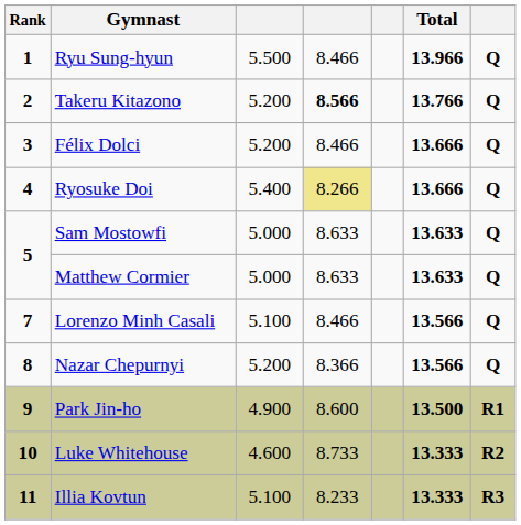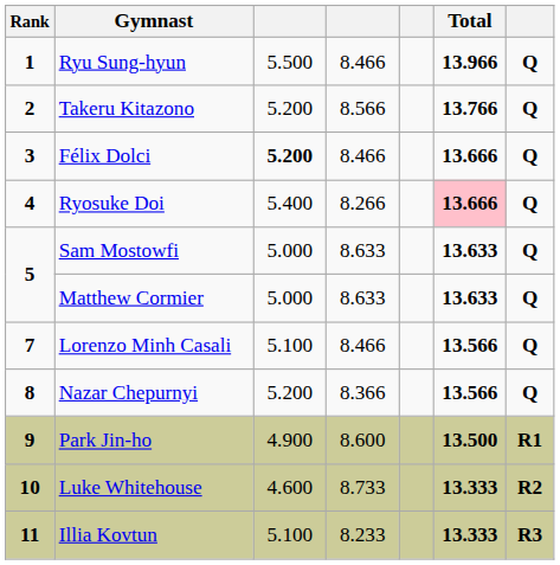 <table style="text-align:center;" class="wikitable sortable">
 <tr>
 <th scope="col" style="width:15px;"><small>Rank</small></th>
 <th scope="col" style="width:150px;">Gymnast</th>
 <th scope="col" style="width:50px;"><small></small></th>
 <th scope="col" style="width:50px;"><small></small></th>
 <th scope="col" style="width:20px;"><small></small></th>
 <th scope="col" style="width:50px;">Total</th>
 <th scope="col" style="width:30px;"><small></small></th>
 </tr>
 <tr>
 <td scope="row" style="text-align:center"><strong>1</strong></td>
 <td style="height:30px; text-align:left;"> <a href='#'>Ryu Sung-hyun</a></td>
 <td>5.500</td>
 <td>8.466</td>
 <td></td>
 <td><strong>13.966</strong></td>
 <td><strong>Q</strong></td>
 </tr>
 <tr>
 <td scope="row" style="text-align:center"><strong>2</strong></td>
 <td style="height:30px; text-align:left;"> <a href='#'>Takeru Kitazono</a></td>
 <td>5.200</td>
-<td><strong>8.566</strong></td>
+<td>8.566</td>
 <td></td>
 <td><strong>13.766</strong></td>
 <td><strong>Q</strong></td>
 </tr>
 <tr>
 <td scope="row" style="text-align:center"><strong>3</strong></td>
 <td style="height:30px; text-align:left;"> <a href='#'>Félix Dolci</a></td>
-<td>5.200</td>
+<td><strong>5.200</strong></td>
 <td>8.466</td>
 <td></td>
 <td><strong>13.666</strong></td>
 <td><strong>Q</strong></td>
 </tr>
 <tr>
 <td scope="row" style="text-align:center"><strong>4</strong></td>
 <td style="height:30px; text-align:left;"> <a href='#'>Ryosuke Doi</a></td>
 <td>5.400</td>
-<td style="background: khaki;">8.266</td>
+<td>8.266</td>
 <td></td>
-<td><strong>13.666</strong></td>
+<td style="background: pink;"><strong>13.666</strong></td>
 <td><strong>Q</strong></td>
 </tr>
 <tr>
 <td rowspan=2 scope="row" style="text-align:center"><strong>5</strong></td>
 <td style="height:30px; text-align:left;"> <a href='#'>Sam Mostowfi</a></td>
 <td>5.000</td>
 <td>8.633</td>
 <td></td>
 <td><strong>13.633</strong></td>
 <td><strong>Q</strong></td>
 </tr>
 <tr>
 <td style="height:30px; text-align:left;"> <a href='#'>Matthew Cormier</a></td>
 <td>5.000</td>
 <td>8.633</td>
 <td></td>
 <td><strong>13.633</strong></td>
 <td><strong>Q</strong></td>
 </tr>
 <tr>
 <td scope="row" style="text-align:center"><strong>7</strong></td>
 <td style="height:30px; text-align:left;"> <a href='#'>Lorenzo Minh Casali</a></td>
 <td>5.100</td>
 <td>8.466</td>
 <td></td>
 <td><strong>13.566</strong></td>
 <td><strong>Q</strong></td>
 </tr>
 <tr>
 <td scope="row" style="text-align:center"><strong>8</strong></td>
 <td style="height:30px; text-align:left;"> <a href='#'>Nazar Chepurnyi</a></td>
 <td>5.200</td>
 <td>8.366</td>
 <td></td>
 <td><strong>13.566</strong></td>
 <td><strong>Q</strong></td>
 </tr>
 <tr style="background:#cccc99;">
 <td scope="row" style="text-align:center"><strong>9</strong></td>
 <td style="height:30px; text-align:left;"> <a href='#'>Park Jin-ho</a></td>
 <td>4.900</td>
 <td>8.600</td>
 <td></td>
 <td><strong>13.500</strong></td>
 <td><strong>R1</strong></td>
 </tr>
 <tr style="background:#cccc99;">
 <td scope="row" style="text-align:center"><strong>10</strong></td>
 <td style="height:30px; text-align:left;"> <a href='#'>Luke Whitehouse</a></td>
 <td>4.600</td>
 <td>8.733</td>
 <td></td>
 <td><strong>13.333</strong></td>
 <td><strong>R2</strong></td>
 </tr>
 <tr style="background:#cccc99;">
 <td scope="row" style="text-align:center"><strong>11</strong></td>
 <td style="height:30px; text-align:left;"> <a href='#'>Illia Kovtun</a></td>
 <td>5.100</td>
 <td>8.233</td>
 <td></td>
 <td><strong>13.333</strong></td>
 <td><strong>R3</strong></td>
 </tr>
 </table>
